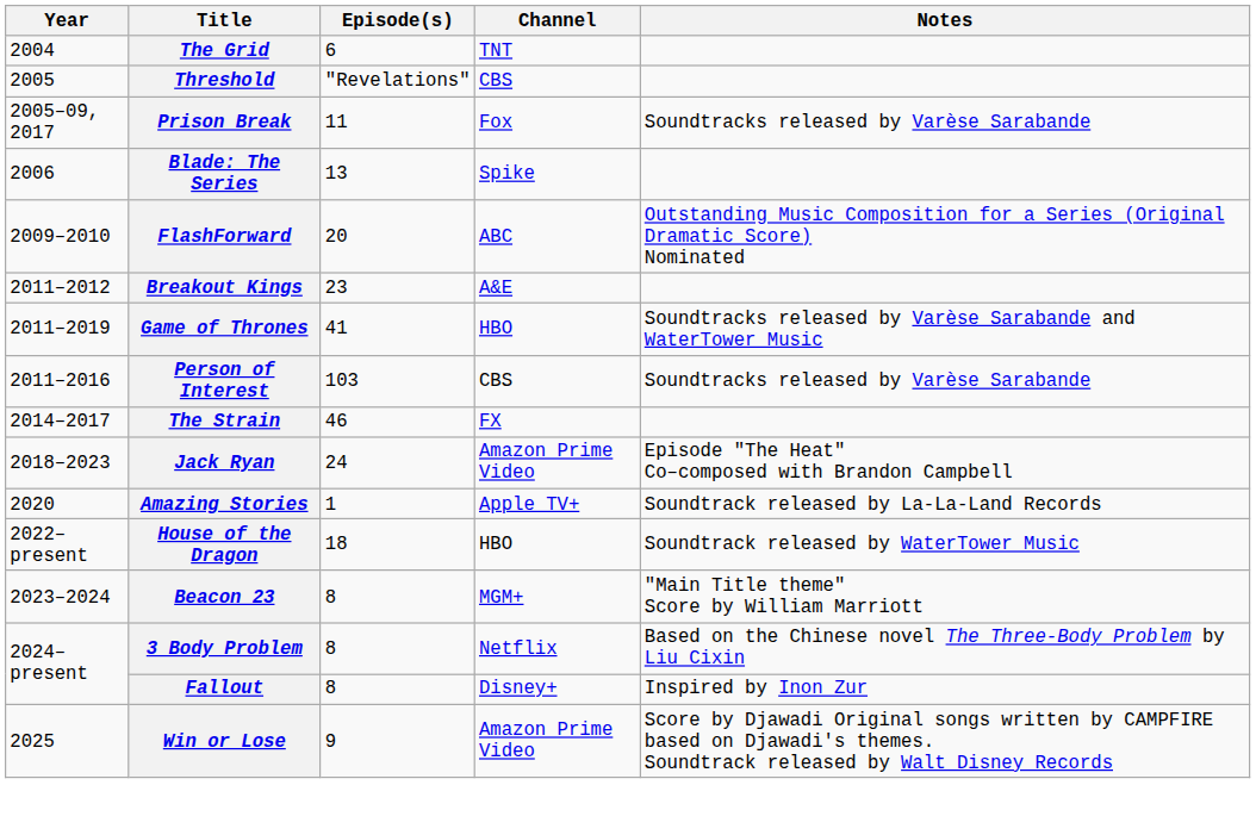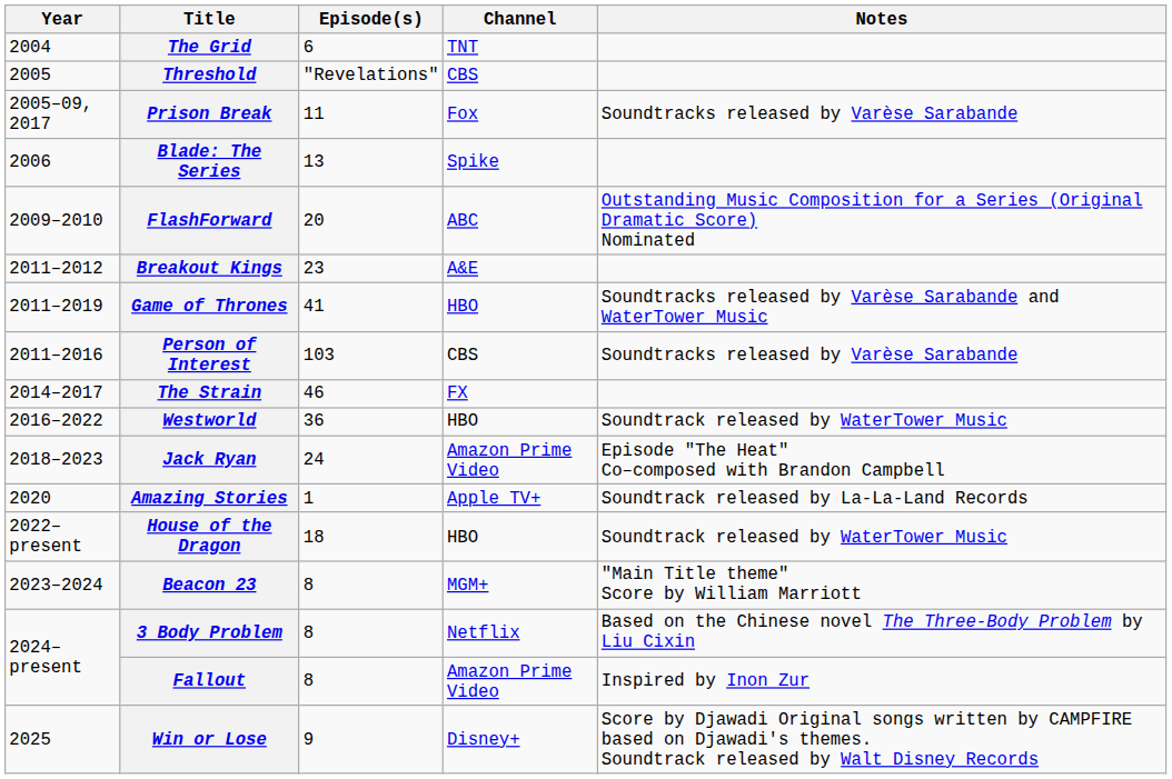 <table class="wikitable plainrowheaders">
 <tr>
 <th>Year</th>
 <th>Title</th>
 <th>Episode(s)</th>
 <th>Channel</th>
 <th class="unsortable">Notes</th>
 </tr>
 <tr>
 <td>2004</td>
 <th scope="row"><em><a href='#'>The Grid</a></em></th>
 <td>6</td>
 <td><a href='#'>TNT</a></td>
 <td></td>
 </tr>
 <tr>
 <td>2005</td>
 <th scope="row"><em><a href='#'>Threshold</a></em></th>
 <td>"Revelations"</td>
 <td><a href='#'>CBS</a></td>
 <td></td>
 </tr>
 <tr>
 <td>2005–09,<br>2017</td>
 <th scope="row"><em><a href='#'>Prison Break</a></em></th>
 <td>11</td>
 <td><a href='#'>Fox</a></td>
 <td>Soundtracks released by <a href='#'>Varèse Sarabande</a></td>
 </tr>
 <tr>
 <td>2006</td>
 <th scope="row"><em><a href='#'>Blade: The Series</a></em></th>
 <td>13</td>
 <td><a href='#'>Spike</a></td>
 <td></td>
 </tr>
 <tr>
 <td>2009–2010</td>
 <th scope="row"><em><a href='#'>FlashForward</a></em></th>
 <td>20</td>
 <td><a href='#'>ABC</a></td>
 <td><a href='#'>Outstanding Music Composition for a Series (Original Dramatic Score)</a><br>Nominated</td>
 </tr>
 <tr>
 <td>2011–2012</td>
 <th scope="row"><em><a href='#'>Breakout Kings</a></em></th>
 <td>23</td>
 <td><a href='#'>A&E</a></td>
 <td></td>
 </tr>
 <tr>
 <td>2011–2019</td>
 <th scope="row"><em><a href='#'>Game of Thrones</a></em></th>
 <td>41</td>
 <td><a href='#'>HBO</a></td>
 <td>Soundtracks released by <a href='#'>Varèse Sarabande</a> and <a href='#'>WaterTower Music</a></td>
 </tr>
 <tr>
 <td>2011–2016</td>
 <th scope="row"><em><a href='#'>Person of Interest</a></em></th>
 <td>103</td>
 <td>CBS</td>
 <td>Soundtracks released by <a href='#'>Varèse Sarabande</a></td>
 </tr>
 <tr>
 <td>2014–2017</td>
 <th scope="row"><em><a href='#'>The Strain</a></em></th>
 <td>46</td>
 <td><a href='#'>FX</a></td>
 <td></td>
 </tr>
 <tr>
+<td>2016–2022</td>
+<th scope="row"><em><a href='#'>Westworld</a></em></th>
+<td>36</td>
+<td>HBO</td>
+<td>Soundtrack released by <a href='#'>WaterTower Music</a></td>
+</tr>
+<tr>
 <td>2018–2023</td>
 <th scope="row"><em><a href='#'>Jack Ryan</a></em></th>
 <td>24</td>
 <td><a href='#'>Amazon Prime Video</a></td>
 <td>Episode "The Heat"<br>Co–composed with Brandon Campbell</td>
 </tr>
 <tr>
 <td>2020</td>
 <th scope="row"><em><a href='#'>Amazing Stories</a></em></th>
 <td>1</td>
 <td><a href='#'>Apple TV+</a></td>
 <td>Soundtrack released by La-La-Land Records</td>
 </tr>
 <tr>
 <td>2022–present</td>
 <th scope="row"><em><a href='#'>House of the Dragon</a></em></th>
 <td>18</td>
 <td>HBO</td>
 <td>Soundtrack released by <a href='#'>WaterTower Music</a></td>
 </tr>
 <tr>
 <td>2023–2024</td>
 <th scope="row"><em><a href='#'>Beacon 23</a></em></th>
 <td>8</td>
 <td><a href='#'>MGM+</a></td>
 <td>"Main Title theme"<br>Score by William Marriott</td>
 </tr>
 <tr>
 <td rowspan="2">2024–present</td>
 <th scope="row"><em><a href='#'>3 Body Problem</a></em></th>
 <td>8</td>
 <td><a href='#'>Netflix</a></td>
 <td>Based on the Chinese novel <em><a href='#'>The Three-Body Problem</a></em> by <a href='#'>Liu Cixin</a></td>
 </tr>
 <tr>
 <th scope="row"><em><a href='#'>Fallout</a></em></th>
 <td>8</td>
-<td><a href='#'>Disney+</a></td>
+<td><a href='#'>Amazon Prime Video</a></td>
 <td>Inspired by <a href='#'>Inon Zur</a></td>
 </tr>
 <tr>
 <td>2025</td>
 <th scope="row"><em><a href='#'>Win or Lose</a></em></th>
 <td>9</td>
-<td><a href='#'>Amazon Prime Video</a></td>
+<td><a href='#'>Disney+</a></td>
 <td>Score by Djawadi Original songs written by CAMPFIRE based on Djawadi's themes.<br>Soundtrack released by <a href='#'>Walt Disney Records</a></td>
 </tr>
 </table>
